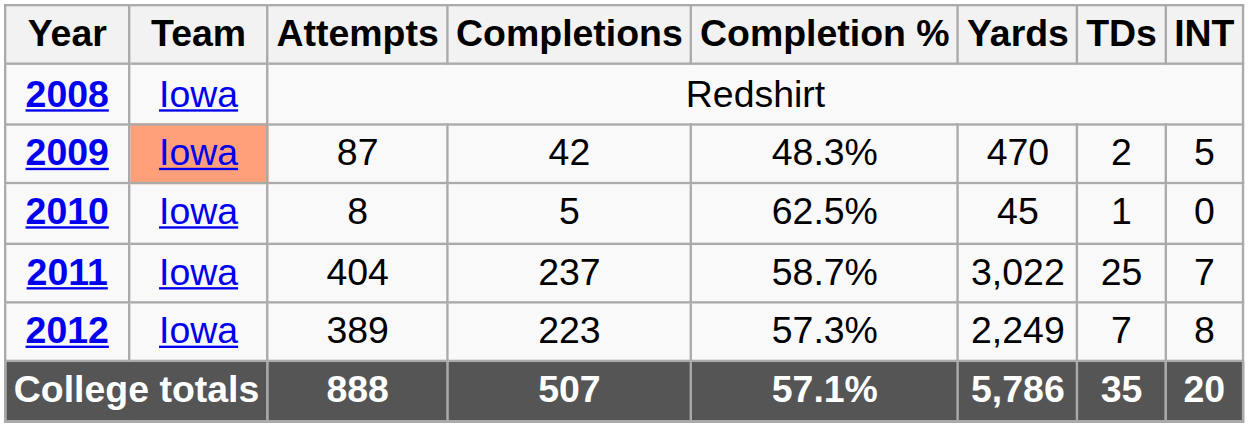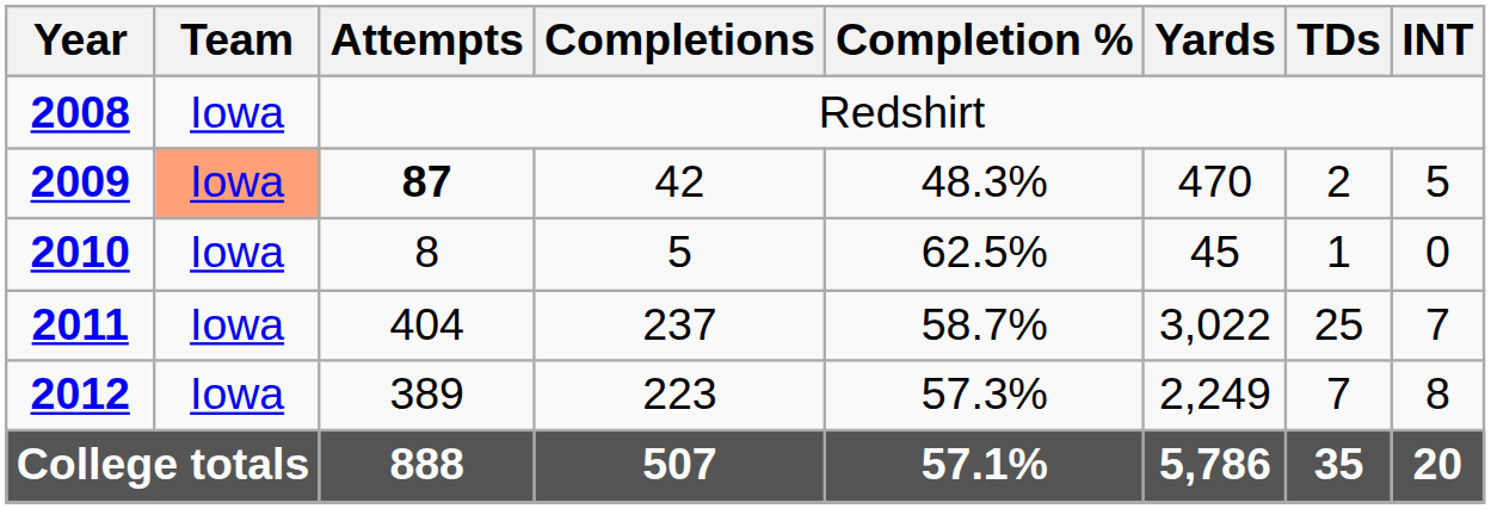 <table class="wikitable" style="text-align:center;">
 <tr>
 <th>Year</th>
 <th>Team</th>
 <th>Attempts</th>
 <th>Completions</th>
 <th>Completion %</th>
 <th>Yards</th>
 <th>TDs</th>
 <th>INT</th>
 </tr>
 <tr>
 <td><strong><a href='#'>2008</a></strong></td>
 <td><a href='#'>Iowa</a></td>
 <td colspan=6 style="text-align:center;">Redshirt</td>
 </tr>
 <tr>
 <td><strong><a href='#'>2009</a></strong></td>
 <td style="background: lightsalmon;"><a href='#'>Iowa</a></td>
-<td>87</td>
+<td><strong>87</strong></td>
 <td>42</td>
 <td>48.3%</td>
 <td>470</td>
 <td>2</td>
 <td>5</td>
 </tr>
 <tr>
 <td><strong><a href='#'>2010</a></strong></td>
 <td><a href='#'>Iowa</a></td>
 <td>8</td>
 <td>5</td>
 <td>62.5%</td>
 <td>45</td>
 <td>1</td>
 <td>0</td>
 </tr>
 <tr>
 <td><strong><a href='#'>2011</a></strong></td>
 <td><a href='#'>Iowa</a></td>
 <td>404</td>
 <td>237</td>
 <td>58.7%</td>
 <td>3,022</td>
 <td>25</td>
 <td>7</td>
 </tr>
 <tr>
 <td><strong><a href='#'>2012</a></strong></td>
 <td><a href='#'>Iowa</a></td>
 <td>389</td>
 <td>223</td>
 <td>57.3%</td>
 <td>2,249</td>
 <td>7</td>
 <td>8</td>
 </tr>
 <tr style="background:#555555;font-weight:bold;color:white;">
 <td colspan=2>College totals</td>
 <td>888</td>
 <td>507</td>
 <td>57.1%</td>
 <td>5,786</td>
 <td>35</td>
 <td>20</td>
 </tr>
 <tr style="background:#555555;font-weight:bold;color:white;">
 </tr>
 </table>
